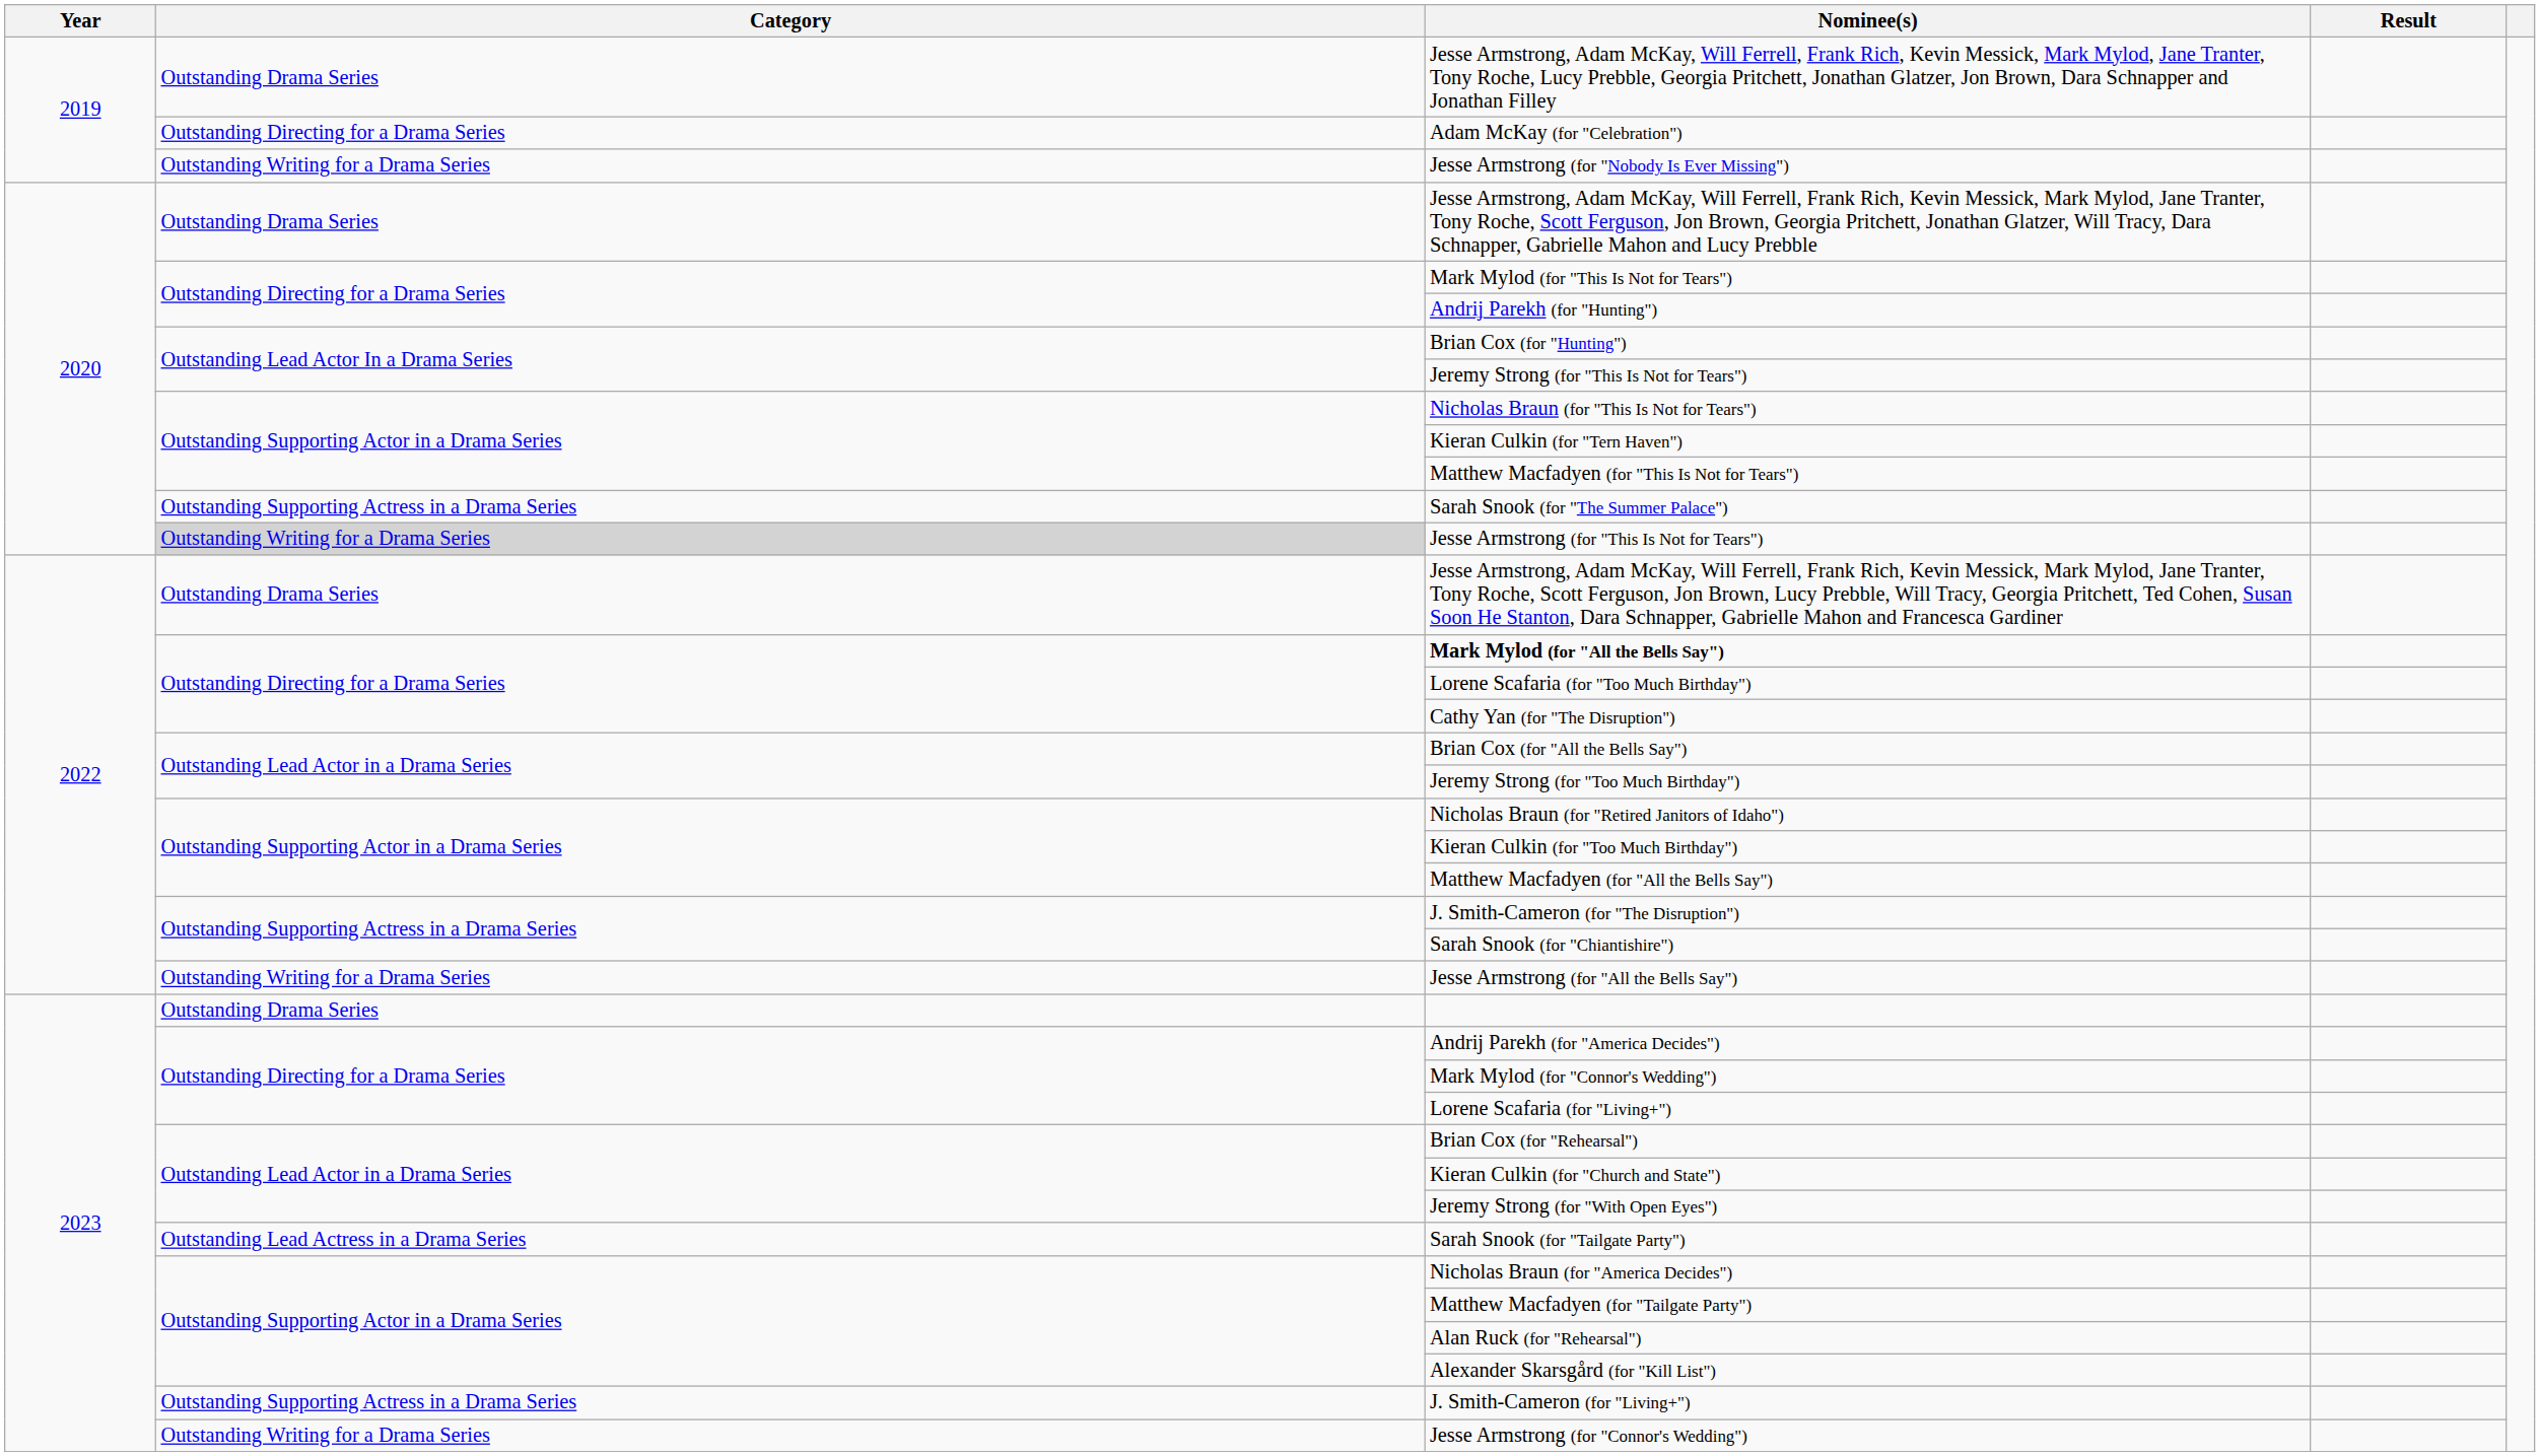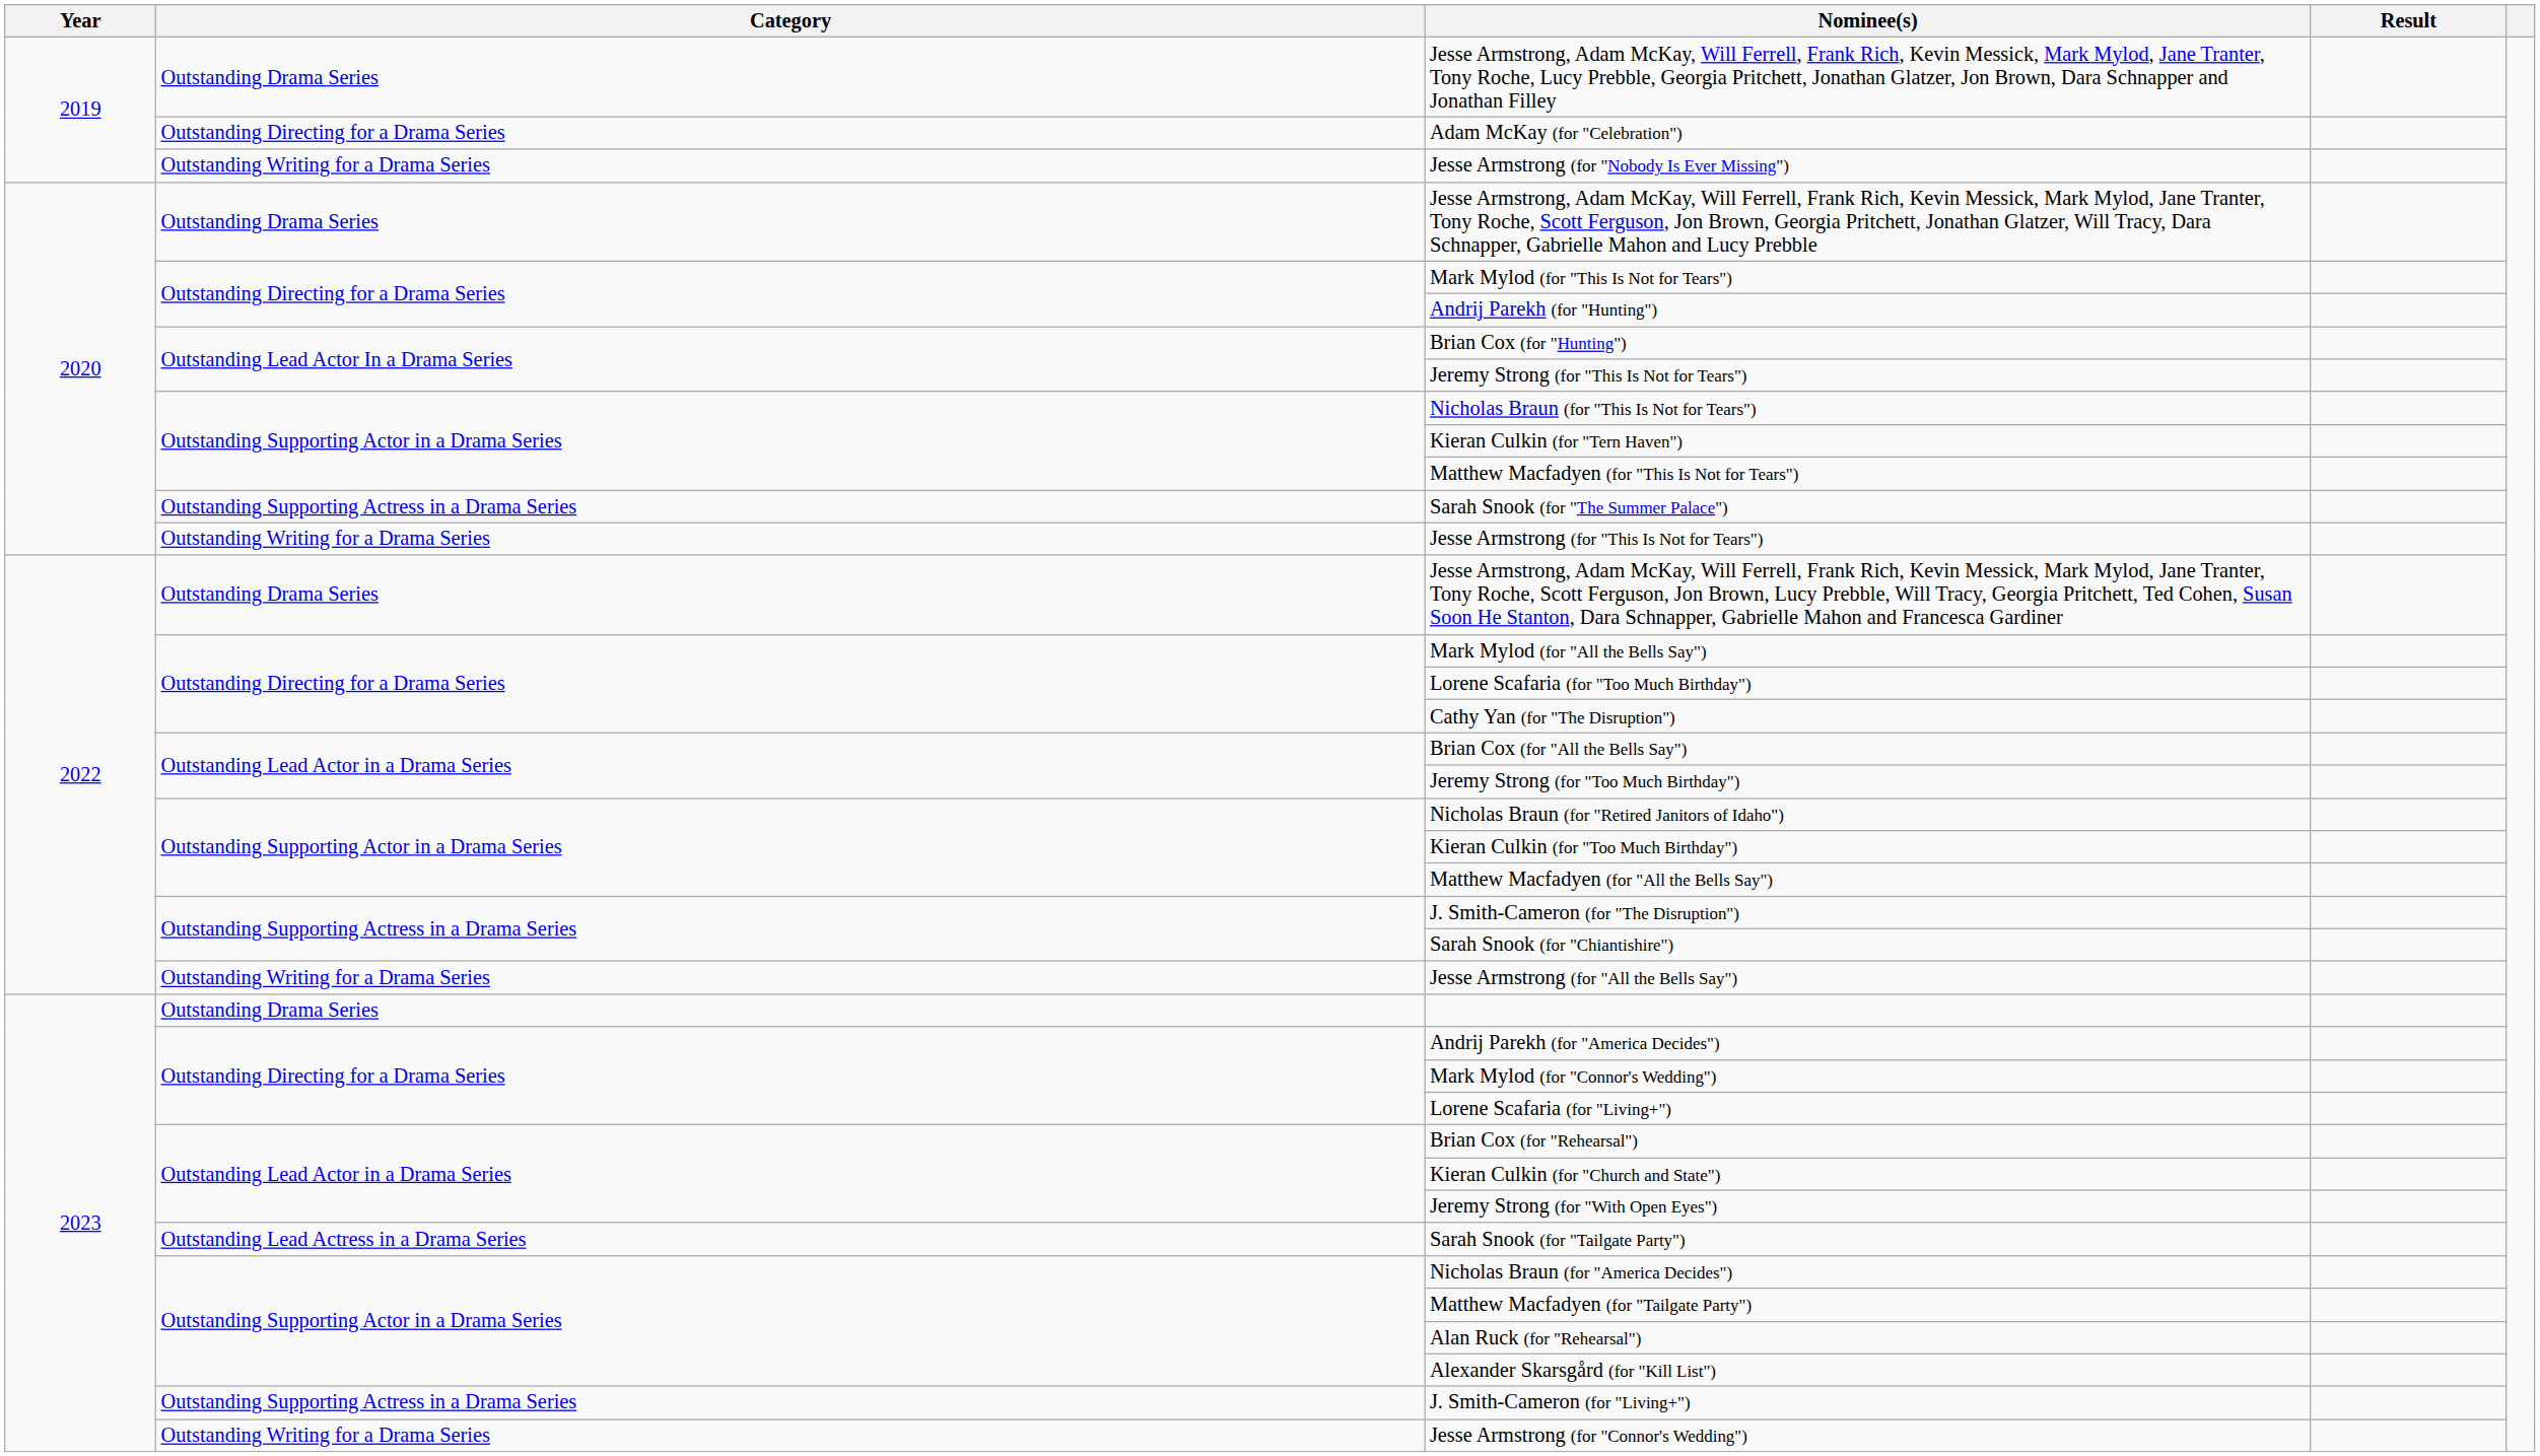 <table class="wikitable sortable plainrowheaders" style="width:99%;">
 <tr>
 <th scope="col">Year</th>
 <th scope="col">Category</th>
 <th scope="col" style="width:35%">Nominee(s)</th>
 <th scope="col">Result</th>
 <th scope="col" class="unsortable"></th>
 </tr>
 <tr>
 <td rowspan="3" align="center"><a href='#'>2019</a></td>
 <td><a href='#'>Outstanding Drama Series</a></td>
 <td>Jesse Armstrong, Adam McKay, <a href='#'>Will Ferrell</a>, <a href='#'>Frank Rich</a>, Kevin Messick, <a href='#'>Mark Mylod</a>, <a href='#'>Jane Tranter</a>, Tony Roche, Lucy Prebble, Georgia Pritchett, Jonathan Glatzer, Jon Brown, Dara Schnapper and Jonathan Filley</td>
 <td></td>
 <td rowspan="39" align="center"></td>
 </tr>
 <tr>
 <td><a href='#'>Outstanding Directing for a Drama Series</a></td>
 <td>Adam McKay <small>(for "Celebration")</small></td>
 <td></td>
 </tr>
 <tr>
 <td><a href='#'>Outstanding Writing for a Drama Series</a></td>
 <td>Jesse Armstrong <small>(for "<a href='#'>Nobody Is Ever Missing</a>")</small></td>
 <td></td>
 </tr>
 <tr>
 <td rowspan="10" align="center"><a href='#'>2020</a></td>
 <td><a href='#'>Outstanding Drama Series</a></td>
 <td>Jesse Armstrong, Adam McKay, Will Ferrell, Frank Rich, Kevin Messick, Mark Mylod, Jane Tranter, Tony Roche, <a href='#'>Scott Ferguson</a>, Jon Brown, Georgia Pritchett, Jonathan Glatzer, Will Tracy, Dara Schnapper, Gabrielle Mahon and Lucy Prebble</td>
 <td></td>
 </tr>
 <tr>
 <td rowspan="2"><a href='#'>Outstanding Directing for a Drama Series</a></td>
 <td>Mark Mylod <small>(for "This Is Not for Tears")</small></td>
 <td></td>
 </tr>
 <tr>
 <td><a href='#'>Andrij Parekh</a> <small>(for "Hunting")</small></td>
 <td></td>
 </tr>
 <tr>
 <td rowspan="2"><a href='#'>Outstanding Lead Actor In a Drama Series</a></td>
 <td>Brian Cox <small>(for "<a href='#'>Hunting</a>")</small></td>
 <td></td>
 </tr>
 <tr>
 <td>Jeremy Strong <small>(for "This Is Not for Tears")</small></td>
 <td></td>
 </tr>
 <tr>
 <td rowspan="3"><a href='#'>Outstanding Supporting Actor in a Drama Series</a></td>
 <td><a href='#'>Nicholas Braun</a> <small>(for "This Is Not for Tears")</small></td>
 <td></td>
 </tr>
 <tr>
 <td>Kieran Culkin <small>(for "Tern Haven")</small></td>
 <td></td>
 </tr>
 <tr>
 <td>Matthew Macfadyen <small>(for "This Is Not for Tears")</small></td>
 <td></td>
 </tr>
 <tr>
 <td><a href='#'>Outstanding Supporting Actress in a Drama Series</a></td>
 <td>Sarah Snook <small>(for "<a href='#'>The Summer Palace</a>")</small></td>
 <td></td>
 </tr>
 <tr>
-<td style="background: lightgrey;"><a href='#'>Outstanding Writing for a Drama Series</a></td>
+<td><a href='#'>Outstanding Writing for a Drama Series</a></td>
 <td>Jesse Armstrong <small>(for "This Is Not for Tears")</small></td>
 <td></td>
 </tr>
 <tr>
 <td rowspan="12" align="center"><a href='#'>2022</a></td>
 <td><a href='#'>Outstanding Drama Series</a></td>
 <td>Jesse Armstrong, Adam McKay, Will Ferrell, Frank Rich, Kevin Messick, Mark Mylod, Jane Tranter, Tony Roche, Scott Ferguson, Jon Brown, Lucy Prebble, Will Tracy, Georgia Pritchett, Ted Cohen, <a href='#'>Susan Soon He Stanton</a>, Dara Schnapper, Gabrielle Mahon and Francesca Gardiner</td>
 <td></td>
 </tr>
 <tr>
 <td rowspan="3"><a href='#'>Outstanding Directing for a Drama Series</a></td>
-<td><strong>Mark Mylod <small>(for "All the Bells Say")</small></strong></td>
+<td>Mark Mylod <small>(for "All the Bells Say")</small></td>
 <td></td>
 </tr>
 <tr>
 <td>Lorene Scafaria <small>(for "Too Much Birthday")</small></td>
 <td></td>
 </tr>
 <tr>
 <td>Cathy Yan <small>(for "The Disruption")</small></td>
 <td></td>
 </tr>
 <tr>
 <td rowspan="2"><a href='#'>Outstanding Lead Actor in a Drama Series</a></td>
 <td>Brian Cox <small>(for "All the Bells Say")</small></td>
 <td></td>
 </tr>
 <tr>
 <td>Jeremy Strong <small>(for "Too Much Birthday")</small></td>
 <td></td>
 </tr>
 <tr>
 <td rowspan="3"><a href='#'>Outstanding Supporting Actor in a Drama Series</a></td>
 <td>Nicholas Braun <small>(for "Retired Janitors of Idaho")</small></td>
 <td></td>
 </tr>
 <tr>
 <td>Kieran Culkin <small>(for "Too Much Birthday")</small></td>
 <td></td>
 </tr>
 <tr>
 <td>Matthew Macfadyen <small>(for "All the Bells Say")</small></td>
 <td></td>
 </tr>
 <tr>
 <td rowspan="2"><a href='#'>Outstanding Supporting Actress in a Drama Series</a></td>
 <td>J. Smith-Cameron <small>(for "The Disruption")</small></td>
 <td></td>
 </tr>
 <tr>
 <td>Sarah Snook <small>(for "Chiantishire")</small></td>
 <td></td>
 </tr>
 <tr>
 <td><a href='#'>Outstanding Writing for a Drama Series</a></td>
 <td>Jesse Armstrong <small>(for "All the Bells Say")</small></td>
 <td></td>
 </tr>
 <tr>
 <td rowspan="14" align="center"><a href='#'>2023</a></td>
 <td><a href='#'>Outstanding Drama Series</a></td>
 <td></td>
 <td></td>
 </tr>
 <tr>
 <td rowspan="3"><a href='#'>Outstanding Directing for a Drama Series</a></td>
 <td>Andrij Parekh <small>(for "America Decides")</small></td>
 <td></td>
 </tr>
 <tr>
 <td>Mark Mylod <small>(for "Connor's Wedding")</small></td>
 <td></td>
 </tr>
 <tr>
 <td>Lorene Scafaria <small>(for "Living+")</small></td>
 <td></td>
 </tr>
 <tr>
 <td rowspan="3"><a href='#'>Outstanding Lead Actor in a Drama Series</a></td>
 <td>Brian Cox <small>(for "Rehearsal")</small></td>
 <td></td>
 </tr>
 <tr>
 <td>Kieran Culkin <small>(for "Church and State")</small></td>
 <td></td>
 </tr>
 <tr>
 <td>Jeremy Strong <small>(for "With Open Eyes")</small></td>
 <td></td>
 </tr>
 <tr>
 <td><a href='#'>Outstanding Lead Actress in a Drama Series</a></td>
 <td>Sarah Snook <small>(for "Tailgate Party")</small></td>
 <td></td>
 </tr>
 <tr>
 <td rowspan="4"><a href='#'>Outstanding Supporting Actor in a Drama Series</a></td>
 <td>Nicholas Braun <small>(for "America Decides")</small></td>
 <td></td>
 </tr>
 <tr>
 <td>Matthew Macfadyen <small>(for "Tailgate Party")</small></td>
 <td></td>
 </tr>
 <tr>
 <td>Alan Ruck <small>(for "Rehearsal")</small></td>
 <td></td>
 </tr>
 <tr>
 <td>Alexander Skarsgård <small>(for "Kill List")</small></td>
 <td></td>
 </tr>
 <tr>
 <td><a href='#'>Outstanding Supporting Actress in a Drama Series</a></td>
 <td>J. Smith-Cameron <small>(for "Living+")</small></td>
 <td></td>
 </tr>
 <tr>
 <td><a href='#'>Outstanding Writing for a Drama Series</a></td>
 <td>Jesse Armstrong <small>(for "Connor's Wedding")</small></td>
 <td></td>
 </tr>
 <tr>
 </tr>
 </table>
